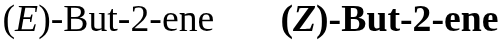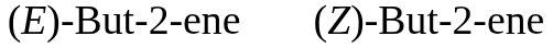 <table style="margin: 1em auto 1em auto" class="skin-invert-image">
 <tr>
 <td align=center></td>
 <td>     </td>
 <td align=center></td>
 </tr>
 <tr>
 <td align=center>(<em>E</em>)-But-2-ene</td>
 <td>     </td>
-<td align=center><strong>(<em>Z</em>)-But-2-ene</strong></td>
+<td align=center>(<em>Z</em>)-But-2-ene</td>
 </tr>
 </table>
